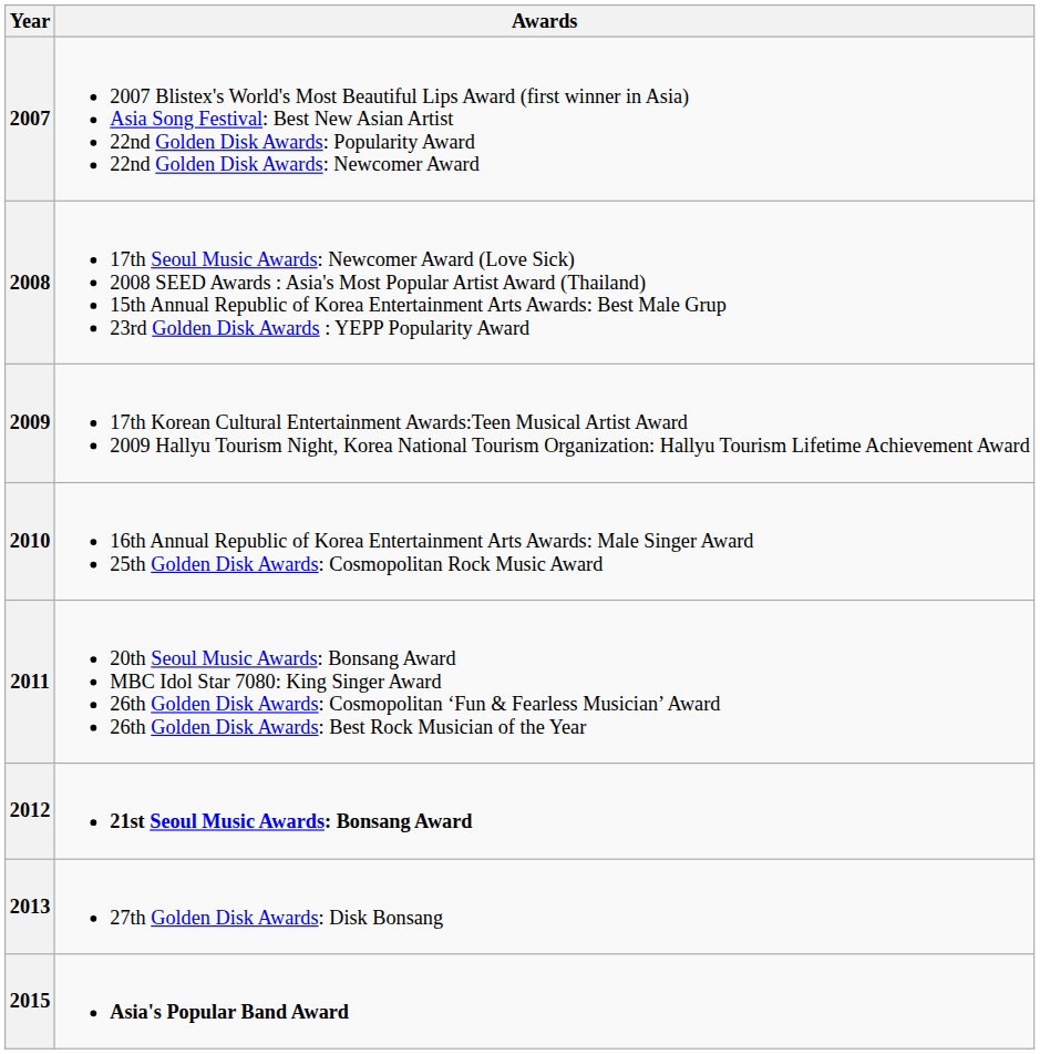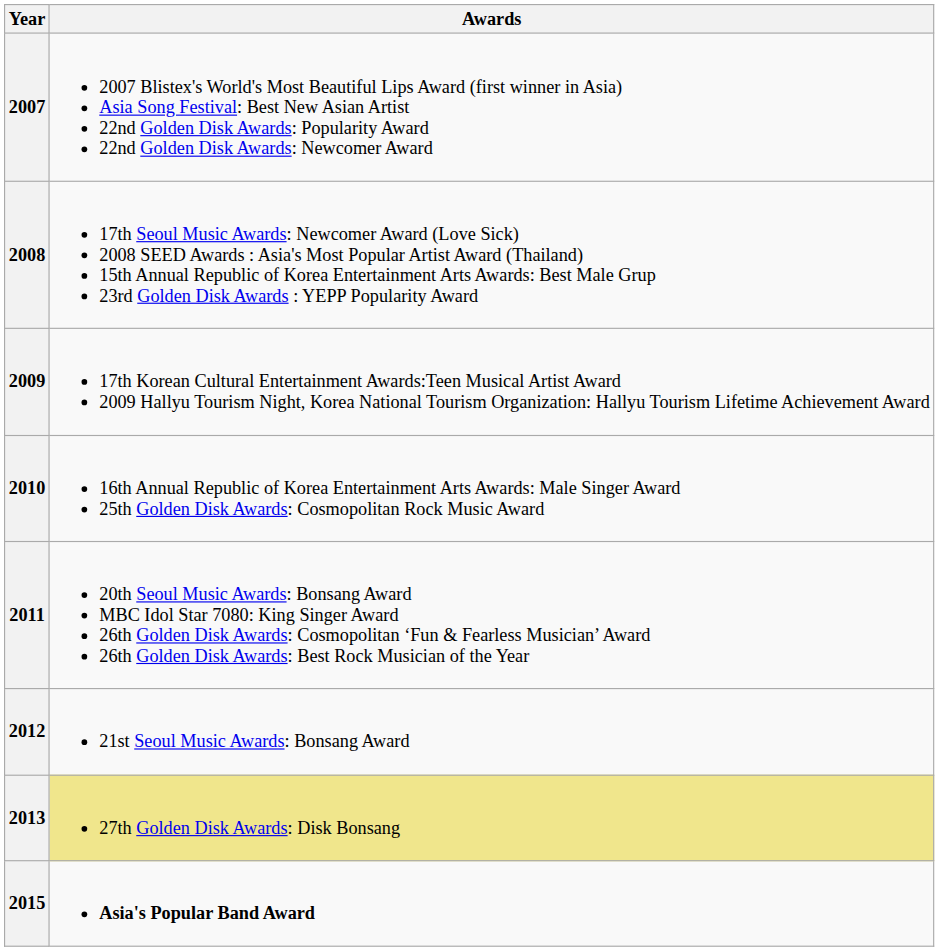 <table class="wikitable">
 <tr>
 <th>Year</th>
 <th>Awards</th>
 </tr>
 <tr>
 <th>2007</th>
 <td><br><ul><li>2007 Blistex's World's Most Beautiful Lips Award (first winner in Asia)</li><li><a href='#'>Asia Song Festival</a>: Best New Asian Artist</li><li>22nd <a href='#'>Golden Disk Awards</a>: Popularity Award</li><li>22nd <a href='#'>Golden Disk Awards</a>: Newcomer Award</li></ul></td>
 </tr>
 <tr>
 <th>2008</th>
 <td><br><ul><li>17th <a href='#'>Seoul Music Awards</a>: Newcomer Award (Love Sick)</li><li>2008 SEED Awards : Asia's Most Popular Artist Award (Thailand)</li><li>15th Annual Republic of Korea Entertainment Arts Awards: Best Male Grup</li><li>23rd <a href='#'>Golden Disk Awards</a> : YEPP Popularity Award</li></ul></td>
 </tr>
 <tr>
 <th>2009</th>
 <td><br><ul><li>17th Korean Cultural Entertainment Awards:Teen Musical Artist Award</li><li>2009 Hallyu Tourism Night, Korea National Tourism Organization: Hallyu Tourism Lifetime Achievement Award</li></ul></td>
 </tr>
 <tr>
 <th>2010</th>
 <td><br><ul><li>16th Annual Republic of Korea Entertainment Arts Awards: Male Singer Award</li><li>25th <a href='#'>Golden Disk Awards</a>: Cosmopolitan Rock Music Award</li></ul></td>
 </tr>
 <tr>
 <th>2011</th>
 <td><br><ul><li>20th <a href='#'>Seoul Music Awards</a>: Bonsang Award</li><li>MBC Idol Star 7080: King Singer Award</li><li>26th <a href='#'>Golden Disk Awards</a>: Cosmopolitan ‘Fun & Fearless Musician’ Award</li><li>26th <a href='#'>Golden Disk Awards</a>: Best Rock Musician of the Year</li></ul></td>
 </tr>
 <tr>
 <th>2012</th>
-<td><strong><br><ul><li>21st <a href='#'>Seoul Music Awards</a>: Bonsang Award</li></ul></strong></td>
+<td><br><ul><li>21st <a href='#'>Seoul Music Awards</a>: Bonsang Award</li></ul></td>
 </tr>
 <tr>
 <th>2013</th>
-<td><br><ul><li>27th <a href='#'>Golden Disk Awards</a>: Disk Bonsang</li></ul></td>
+<td style="background: khaki;"><br><ul><li>27th <a href='#'>Golden Disk Awards</a>: Disk Bonsang</li></ul></td>
 </tr>
 <tr>
 <th>2015</th>
 <td><strong><br><ul><li>Asia's Popular Band Award</li></ul></strong></td>
 </tr>
 </table>
